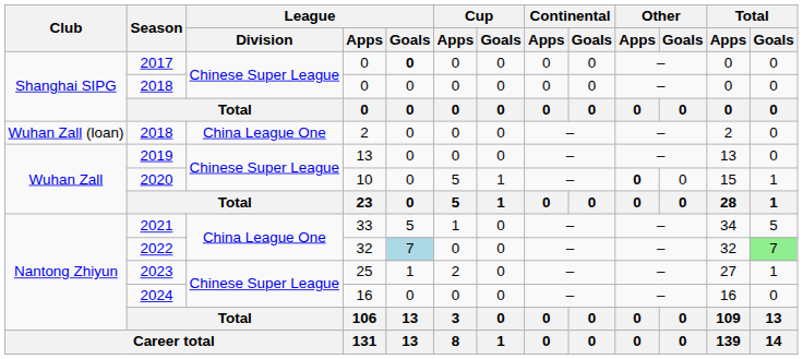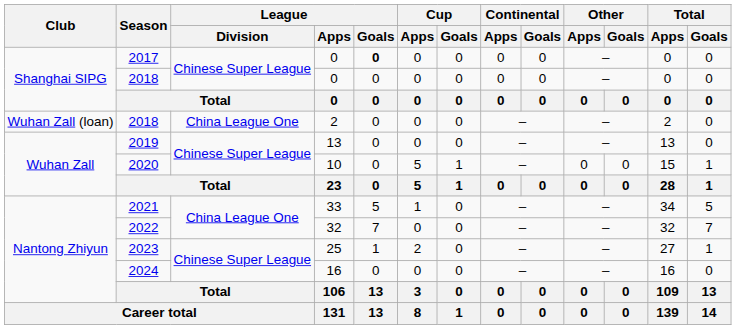 <table class="wikitable" style="text-align: center">
 <tr>
 <th rowspan="2">Club</th>
 <th rowspan="2">Season</th>
 <th colspan="3">League</th>
 <th colspan="2">Cup</th>
 <th colspan="2">Continental</th>
 <th colspan="2">Other</th>
 <th colspan="2">Total</th>
 </tr>
 <tr>
 <th>Division</th>
 <th>Apps</th>
 <th>Goals</th>
 <th>Apps</th>
 <th>Goals</th>
 <th>Apps</th>
 <th>Goals</th>
 <th>Apps</th>
 <th>Goals</th>
 <th>Apps</th>
 <th>Goals</th>
 </tr>
 <tr>
 <td rowspan=3><a href='#'>Shanghai SIPG</a></td>
 <td><a href='#'>2017</a></td>
 <td rowspan="2"><a href='#'>Chinese Super League</a></td>
 <td>0</td>
 <td><strong>0</strong></td>
 <td>0</td>
 <td>0</td>
 <td>0</td>
 <td>0</td>
 <td colspan="2">–</td>
 <td>0</td>
 <td>0</td>
 </tr>
 <tr>
 <td><a href='#'>2018</a></td>
 <td>0</td>
 <td>0</td>
 <td>0</td>
 <td>0</td>
 <td>0</td>
 <td>0</td>
 <td colspan="2">–</td>
 <td>0</td>
 <td>0</td>
 </tr>
 <tr>
 <th colspan=2>Total</th>
 <th>0</th>
 <th>0</th>
 <th>0</th>
 <th>0</th>
 <th>0</th>
 <th>0</th>
 <th>0</th>
 <th>0</th>
 <th>0</th>
 <th>0</th>
 </tr>
 <tr>
 <td><a href='#'>Wuhan Zall</a> (loan)</td>
 <td><a href='#'>2018</a></td>
 <td><a href='#'>China League One</a></td>
 <td>2</td>
 <td>0</td>
 <td>0</td>
 <td>0</td>
 <td colspan="2">–</td>
 <td colspan="2">–</td>
 <td>2</td>
 <td>0</td>
 </tr>
 <tr>
 <td rowspan=3><a href='#'>Wuhan Zall</a></td>
 <td><a href='#'>2019</a></td>
 <td rowspan=2><a href='#'>Chinese Super League</a></td>
 <td>13</td>
 <td>0</td>
 <td>0</td>
 <td>0</td>
 <td colspan="2">–</td>
 <td colspan="2">–</td>
 <td>13</td>
 <td>0</td>
 </tr>
 <tr>
 <td><a href='#'>2020</a></td>
 <td>10</td>
 <td>0</td>
 <td>5</td>
 <td>1</td>
 <td colspan="2">–</td>
-<td><strong>0</strong></td>
+<td>0</td>
 <td>0</td>
 <td>15</td>
 <td>1</td>
 </tr>
 <tr>
 <th colspan=2>Total</th>
 <th>23</th>
 <th>0</th>
 <th>5</th>
 <th>1</th>
 <th>0</th>
 <th>0</th>
 <th>0</th>
 <th>0</th>
 <th>28</th>
 <th>1</th>
 </tr>
 <tr>
 <td rowspan=5><a href='#'>Nantong Zhiyun</a></td>
 <td><a href='#'>2021</a></td>
 <td rowspan=2><a href='#'>China League One</a></td>
 <td>33</td>
 <td>5</td>
 <td>1</td>
 <td>0</td>
 <td colspan="2">–</td>
 <td colspan="2">–</td>
 <td>34</td>
 <td>5</td>
 </tr>
 <tr>
 <td><a href='#'>2022</a></td>
 <td>32</td>
-<td style="background: lightblue;">7</td>
+<td>7</td>
 <td>0</td>
 <td>0</td>
 <td colspan="2">–</td>
 <td colspan="2">–</td>
 <td>32</td>
-<td style="background: lightgreen;">7</td>
+<td>7</td>
 </tr>
 <tr>
 <td><a href='#'>2023</a></td>
 <td rowspan=2><a href='#'>Chinese Super League</a></td>
 <td>25</td>
 <td>1</td>
 <td>2</td>
 <td>0</td>
 <td colspan="2">–</td>
 <td colspan="2">–</td>
 <td>27</td>
 <td>1</td>
 </tr>
 <tr>
 <td><a href='#'>2024</a></td>
 <td>16</td>
 <td>0</td>
 <td>0</td>
 <td>0</td>
 <td colspan="2">–</td>
 <td colspan="2">–</td>
 <td>16</td>
 <td>0</td>
 </tr>
 <tr>
 <th colspan=2>Total</th>
 <th>106</th>
 <th>13</th>
 <th>3</th>
 <th>0</th>
 <th>0</th>
 <th>0</th>
 <th>0</th>
 <th>0</th>
 <th>109</th>
 <th>13</th>
 </tr>
 <tr>
 <th colspan=3>Career total</th>
 <th>131</th>
 <th>13</th>
 <th>8</th>
 <th>1</th>
 <th>0</th>
 <th>0</th>
 <th>0</th>
 <th>0</th>
 <th>139</th>
 <th>14</th>
 </tr>
 </table>
